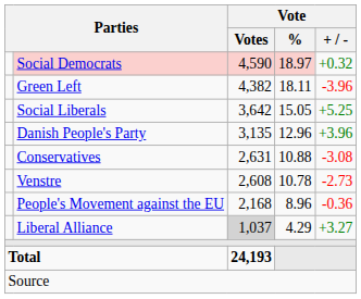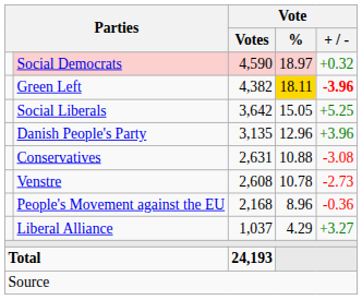 <table class="wikitable" style="text-align:right;">
 <tr>
 <th style="text-align:centre;" rowspan="2" colspan="2" width="225">Parties</th>
 <th colspan="3">Vote</th>
 </tr>
 <tr>
 <th width="15">Votes</th>
 <th width="15">%</th>
 <th width="15">+ / -</th>
 </tr>
 <tr>
 <td width="2" style="color:inherit;background:"></td>
 <td bgcolor=#fbd0ce   align="left"><a href='#'>Social Democrats</a></td>
 <td bgcolor=#fbd0ce>4,590</td>
 <td bgcolor=#fbd0ce>18.97</td>
 <td style=color:green;>+0.32</td>
 </tr>
 <tr>
 <td width="2" style="color:inherit;background:"></td>
 <td align="left"><a href='#'>Green Left</a></td>
 <td>4,382</td>
-<td>18.11</td>
-<td style=color:red;>-3.96</td>
+<td style="background: gold;">18.11</td>
+<td style=color:red;><strong>-3.96</strong></td>
 </tr>
 <tr>
 <td width="2" style="color:inherit;background:"></td>
 <td align="left"><a href='#'>Social Liberals</a></td>
 <td>3,642</td>
 <td>15.05</td>
 <td style=color:green;>+5.25</td>
 </tr>
 <tr>
 <td width="2" style="color:inherit;background:"></td>
 <td align="left"><a href='#'>Danish People's Party</a></td>
 <td>3,135</td>
 <td>12.96</td>
 <td style=color:green;>+3.96</td>
 </tr>
 <tr>
 <td width="2" style="color:inherit;background:"></td>
 <td align="left"><a href='#'>Conservatives</a></td>
 <td>2,631</td>
 <td>10.88</td>
 <td style=color:red;>-3.08</td>
 </tr>
 <tr>
 <td width="2" style="color:inherit;background:"></td>
 <td align="left"><a href='#'>Venstre</a></td>
 <td>2,608</td>
 <td>10.78</td>
 <td style=color:red;>-2.73</td>
 </tr>
 <tr>
 <td width="2" style="color:inherit;background:"></td>
 <td align="left"><a href='#'>People's Movement against the EU</a></td>
 <td>2,168</td>
 <td>8.96</td>
 <td style=color:red;>-0.36</td>
 </tr>
 <tr>
 <td width="2" style="color:inherit;background:"></td>
 <td align="left"><a href='#'>Liberal Alliance</a></td>
-<td style="background: lightgrey;">1,037</td>
+<td>1,037</td>
 <td>4.29</td>
 <td style=color:green;>+3.27</td>
 </tr>
 <tr>
 <td colspan="7" bgcolor="#E9E9E9"></td>
 </tr>
 <tr>
 <td align="left" colspan="2"><strong>Total</strong></td>
 <td><strong>24,193</strong></td>
 <td bgcolor="#E9E9E9" colspan="2"></td>
 </tr>
 <tr>
 <td align="left" colspan="6">Source</td>
 </tr>
 </table>
